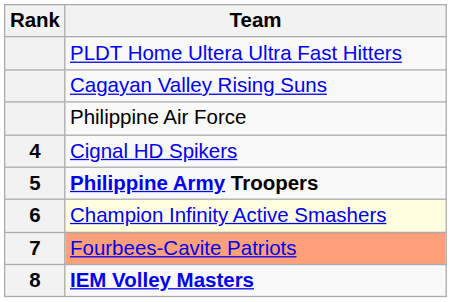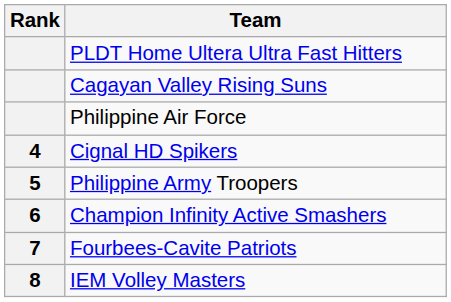 <table class="wikitable" style="text-align: center;">
 <tr>
 <th width=40>Rank</th>
 <th width=290>Team</th>
 </tr>
 <tr>
 <th></th>
 <td style="text-align:left;"> <a href='#'>PLDT Home Ultera Ultra Fast Hitters</a></td>
 </tr>
 <tr>
 <th></th>
 <td style="text-align:left;"> <a href='#'>Cagayan Valley Rising Suns</a></td>
 </tr>
 <tr>
 <th></th>
 <td style="text-align:left;"> Philippine Air Force</td>
 </tr>
 <tr>
 <th>4</th>
 <td style="text-align:left;"> <a href='#'>Cignal HD Spikers</a></td>
 </tr>
 <tr>
 <th>5</th>
-<td style="text-align:left;"><strong> <a href='#'>Philippine Army</a> Troopers</strong></td>
+<td style="text-align:left;"> <a href='#'>Philippine Army</a> Troopers</td>
 </tr>
 <tr>
 <th>6</th>
-<td style="background: lightyellow; text-align:left;"> <a href='#'>Champion Infinity Active Smashers</a></td>
+<td style="text-align:left;"> <a href='#'>Champion Infinity Active Smashers</a></td>
 </tr>
 <tr>
 <th>7</th>
-<td style="background: lightsalmon; text-align:left;"> <a href='#'>Fourbees-Cavite Patriots</a></td>
+<td style="text-align:left;"> <a href='#'>Fourbees-Cavite Patriots</a></td>
 </tr>
 <tr>
 <th>8</th>
-<td style="text-align:left;"><strong> <a href='#'>IEM Volley Masters</a></strong></td>
+<td style="text-align:left;"> <a href='#'>IEM Volley Masters</a></td>
 </tr>
 </table>
